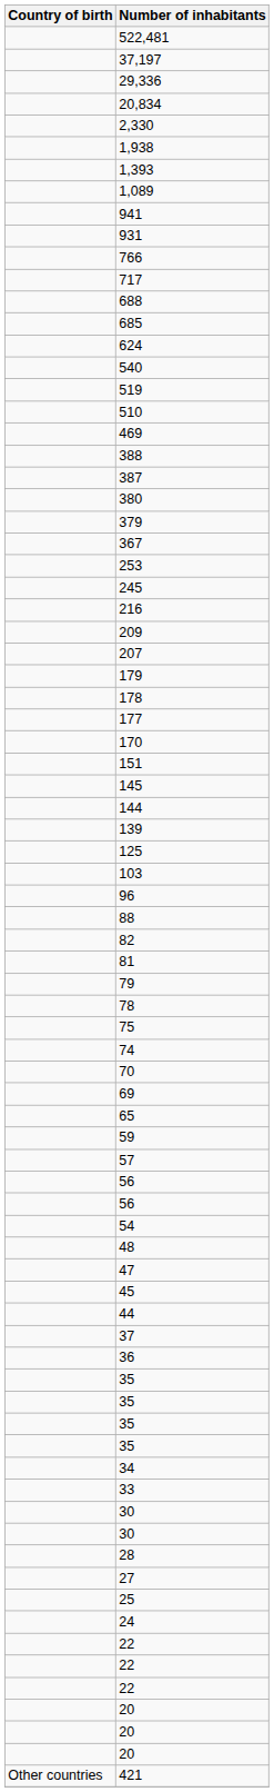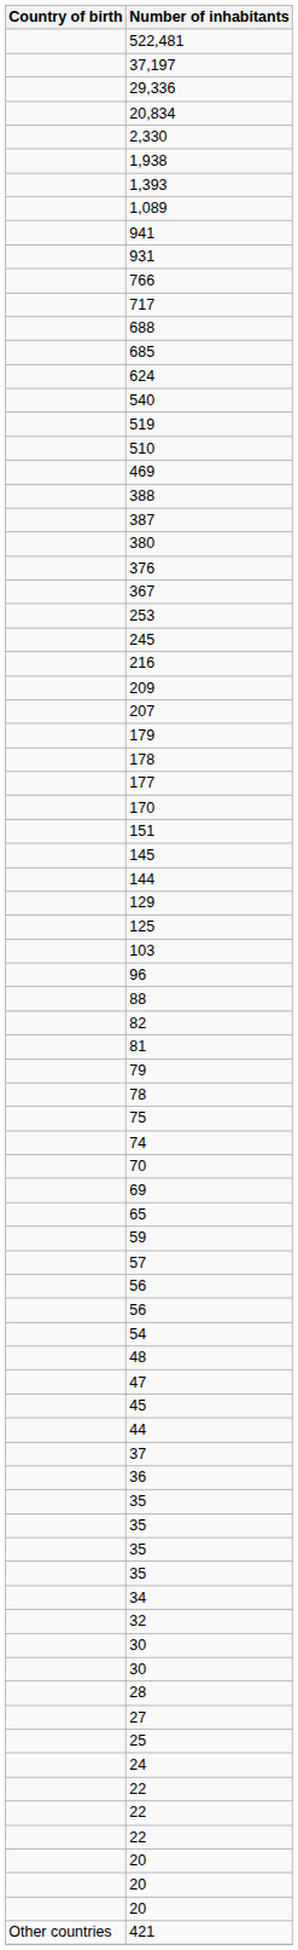 <table class="wikitable">
 <tr>
 <th>Country of birth</th>
 <th>Number of inhabitants</th>
 </tr>
 <tr>
 <td></td>
 <td>522,481</td>
 </tr>
 <tr>
 <td></td>
 <td>37,197</td>
 </tr>
 <tr>
 <td></td>
 <td>29,336</td>
 </tr>
 <tr>
 <td></td>
 <td>20,834</td>
 </tr>
 <tr>
 <td></td>
 <td>2,330</td>
 </tr>
 <tr>
 <td></td>
 <td>1,938</td>
 </tr>
 <tr>
 <td></td>
 <td>1,393</td>
 </tr>
 <tr>
 <td></td>
 <td>1,089</td>
 </tr>
 <tr>
 <td></td>
 <td>941</td>
 </tr>
 <tr>
 <td></td>
 <td>931</td>
 </tr>
 <tr>
 <td></td>
 <td>766</td>
 </tr>
 <tr>
 <td></td>
 <td>717</td>
 </tr>
 <tr>
 <td></td>
 <td>688</td>
 </tr>
 <tr>
 <td></td>
 <td>685</td>
 </tr>
 <tr>
 <td></td>
 <td>624</td>
 </tr>
 <tr>
 <td></td>
 <td>540</td>
 </tr>
 <tr>
 <td></td>
 <td>519</td>
 </tr>
 <tr>
 <td></td>
 <td>510</td>
 </tr>
 <tr>
 <td></td>
 <td>469</td>
 </tr>
 <tr>
 <td></td>
 <td>388</td>
 </tr>
 <tr>
 <td></td>
 <td>387</td>
 </tr>
 <tr>
 <td></td>
 <td>380</td>
 </tr>
 <tr>
 <td></td>
-<td>379</td>
+<td>376</td>
 </tr>
 <tr>
 <td> </td>
 <td>367</td>
 </tr>
 <tr>
 <td></td>
 <td>253</td>
 </tr>
 <tr>
 <td></td>
 <td>245</td>
 </tr>
 <tr>
 <td></td>
 <td>216</td>
 </tr>
 <tr>
 <td></td>
 <td>209</td>
 </tr>
 <tr>
 <td></td>
 <td>207</td>
 </tr>
 <tr>
 <td></td>
 <td>179</td>
 </tr>
 <tr>
 <td></td>
 <td>178</td>
 </tr>
 <tr>
 <td></td>
 <td>177</td>
 </tr>
 <tr>
 <td></td>
 <td>170</td>
 </tr>
 <tr>
 <td></td>
 <td>151</td>
 </tr>
 <tr>
 <td></td>
 <td>145</td>
 </tr>
 <tr>
 <td></td>
 <td>144</td>
 </tr>
 <tr>
 <td></td>
-<td>139</td>
+<td>129</td>
 </tr>
 <tr>
 <td></td>
 <td>125</td>
 </tr>
 <tr>
 <td></td>
 <td>103</td>
 </tr>
 <tr>
 <td></td>
 <td>96</td>
 </tr>
 <tr>
 <td></td>
 <td>88</td>
 </tr>
 <tr>
 <td></td>
 <td>82</td>
 </tr>
 <tr>
 <td></td>
 <td>81</td>
 </tr>
 <tr>
 <td></td>
 <td>79</td>
 </tr>
 <tr>
 <td></td>
 <td>78</td>
 </tr>
 <tr>
 <td></td>
 <td>75</td>
 </tr>
 <tr>
 <td></td>
 <td>74</td>
 </tr>
 <tr>
 <td></td>
 <td>70</td>
 </tr>
 <tr>
 <td></td>
 <td>69</td>
 </tr>
 <tr>
 <td></td>
 <td>65</td>
 </tr>
 <tr>
 <td></td>
 <td>59</td>
 </tr>
 <tr>
 <td></td>
 <td>57</td>
 </tr>
 <tr>
 <td></td>
 <td>56</td>
 </tr>
 <tr>
 <td></td>
 <td>56</td>
 </tr>
 <tr>
 <td></td>
 <td>54</td>
 </tr>
 <tr>
 <td></td>
 <td>48</td>
 </tr>
 <tr>
 <td></td>
 <td>47</td>
 </tr>
 <tr>
 <td></td>
 <td>45</td>
 </tr>
 <tr>
 <td></td>
 <td>44</td>
 </tr>
 <tr>
 <td></td>
 <td>37</td>
 </tr>
 <tr>
 <td></td>
 <td>36</td>
 </tr>
 <tr>
 <td></td>
 <td>35</td>
 </tr>
 <tr>
 <td></td>
 <td>35</td>
 </tr>
 <tr>
 <td></td>
 <td>35</td>
 </tr>
 <tr>
 <td></td>
 <td>35</td>
 </tr>
 <tr>
 <td></td>
 <td>34</td>
 </tr>
 <tr>
 <td></td>
-<td>33</td>
+<td>32</td>
 </tr>
 <tr>
 <td></td>
 <td>30</td>
 </tr>
 <tr>
 <td></td>
 <td>30</td>
 </tr>
 <tr>
 <td></td>
 <td>28</td>
 </tr>
 <tr>
 <td></td>
 <td>27</td>
 </tr>
 <tr>
 <td></td>
 <td>25</td>
 </tr>
 <tr>
 <td></td>
 <td>24</td>
 </tr>
 <tr>
 <td></td>
 <td>22</td>
 </tr>
 <tr>
 <td></td>
 <td>22</td>
 </tr>
 <tr>
 <td></td>
 <td>22</td>
 </tr>
 <tr>
 <td></td>
 <td>20</td>
 </tr>
 <tr>
 <td></td>
 <td>20</td>
 </tr>
 <tr>
 <td></td>
 <td>20</td>
 </tr>
 <tr>
 <td>Other countries</td>
 <td>421</td>
 </tr>
 <tr>
 </tr>
 </table>
